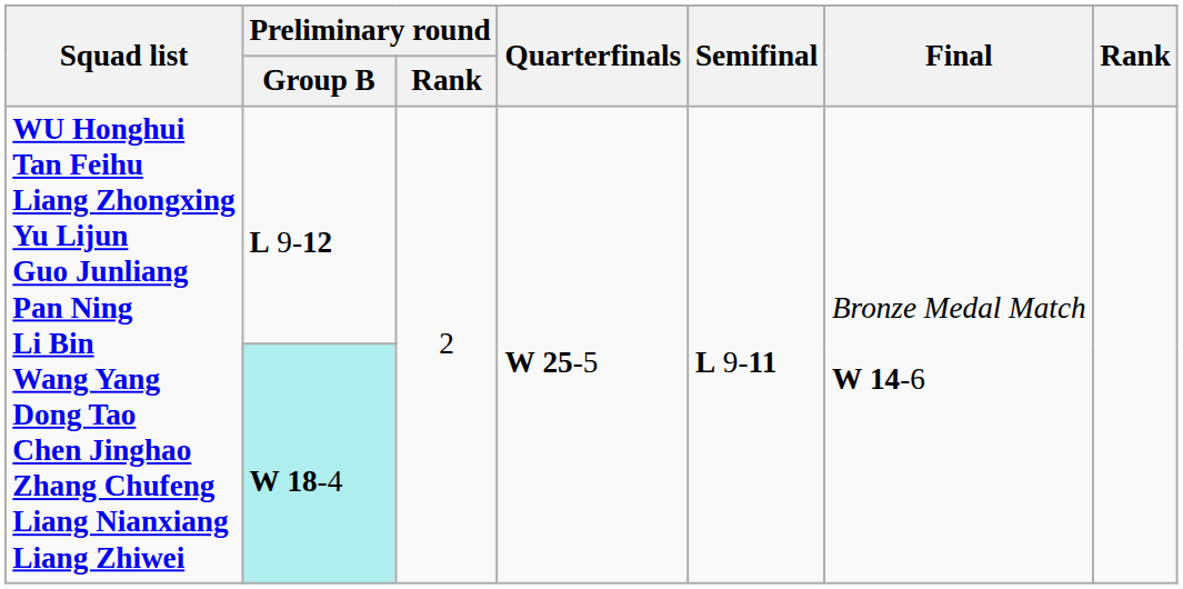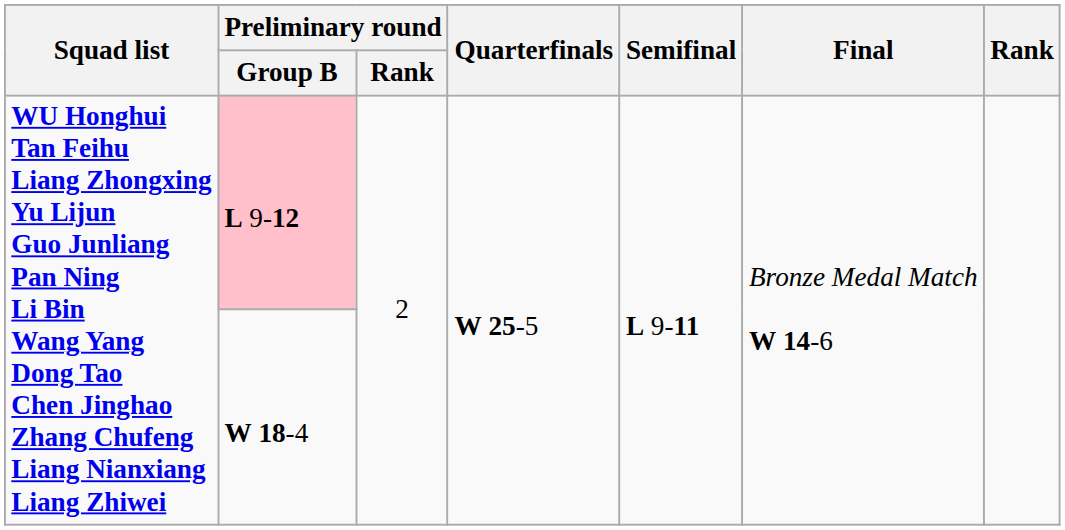 <table class="wikitable" style="text-align:left; font-size:90%">
 <tr>
 <th rowspan="2">Squad list</th>
 <th colspan="2">Preliminary round</th>
 <th rowspan="2">Quarterfinals</th>
 <th rowspan="2">Semifinal</th>
 <th rowspan="2">Final</th>
 <th rowspan="2">Rank</th>
 </tr>
 <tr>
 <th>Group B</th>
 <th>Rank</th>
 </tr>
 <tr>
 <td rowspan=2><strong><a href='#'>WU Honghui</a><br><a href='#'>Tan Feihu</a><br><a href='#'>Liang Zhongxing</a><br><a href='#'>Yu Lijun</a><br><a href='#'>Guo Junliang</a><br><a href='#'>Pan Ning</a><br><a href='#'>Li Bin</a><br><a href='#'>Wang Yang</a><br><a href='#'>Dong Tao</a><br><a href='#'>Chen Jinghao</a><br><a href='#'>Zhang Chufeng</a><br><a href='#'>Liang Nianxiang</a><br><a href='#'>Liang Zhiwei</a> </strong></td>
-<td><br><strong>L</strong> 9-<strong>12</strong></td>
+<td style="background: pink;"><br><strong>L</strong> 9-<strong>12</strong></td>
 <td rowspan="2" style="text-align:center;">2 <strong></strong></td>
 <td rowspan=2><br><strong>W</strong> <strong>25</strong>-5</td>
 <td rowspan=2><br><strong>L</strong> 9-<strong>11</strong></td>
 <td rowspan=2><em>Bronze Medal Match</em><br><br><strong>W</strong> <strong>14</strong>-6</td>
 <td rowspan="2" style="text-align:center;"></td>
 </tr>
 <tr>
-<td style="background: paleturquoise;"><br><strong>W</strong> <strong>18</strong>-4</td>
+<td><br><strong>W</strong> <strong>18</strong>-4</td>
 </tr>
 </table>
